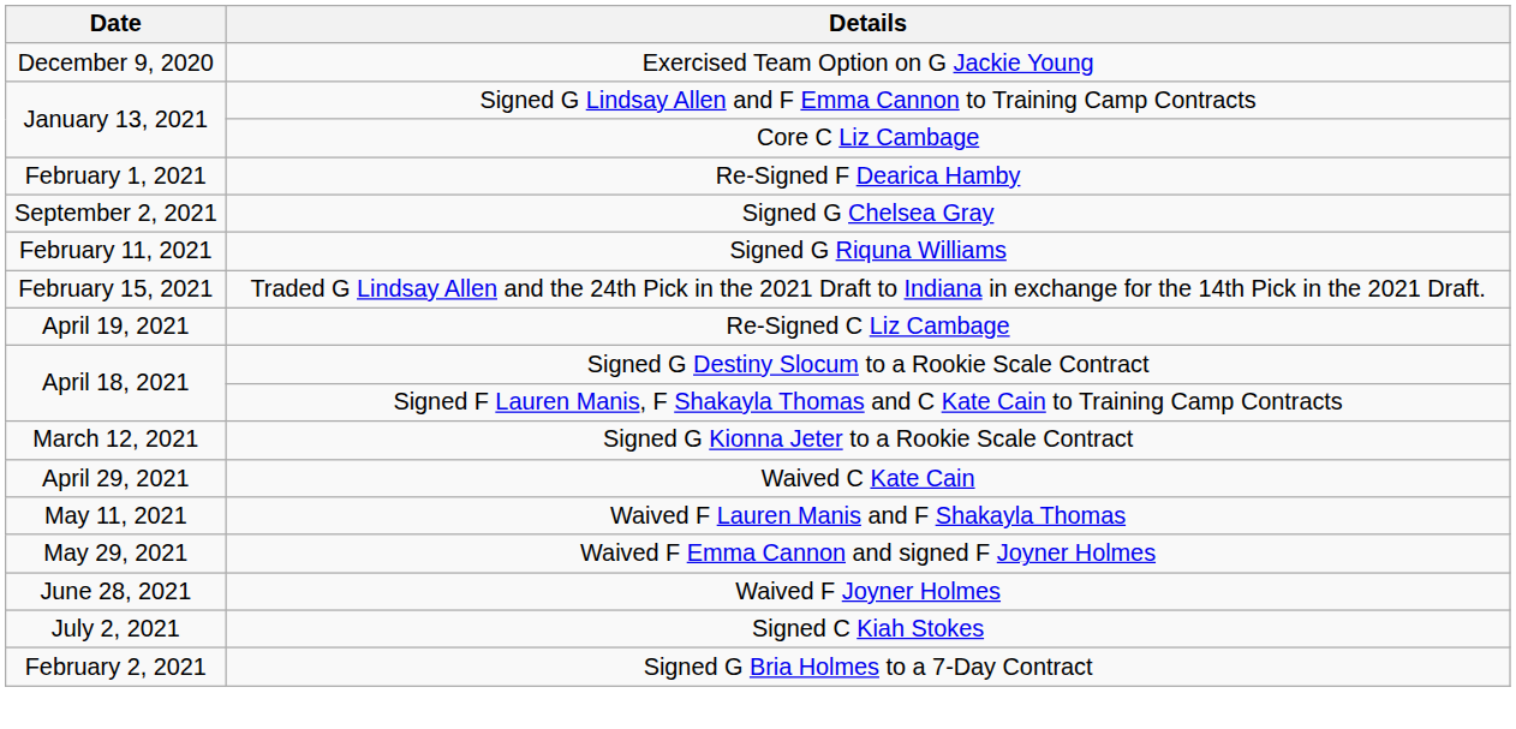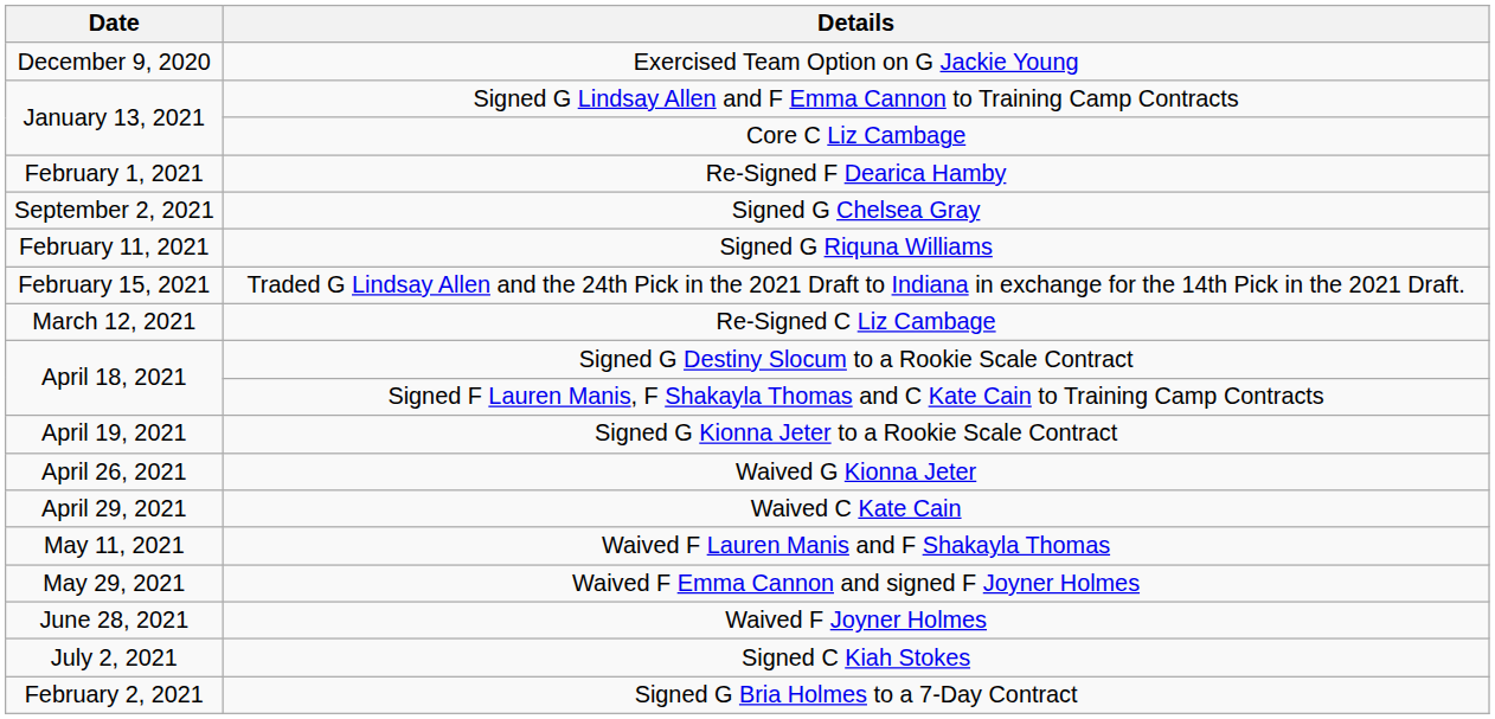 <table class="wikitable" style="width:80%; text-align: center;">
 <tr>
 <th>Date</th>
 <th>Details</th>
 </tr>
 <tr>
 <td>December 9, 2020</td>
 <td>Exercised Team Option on G <a href='#'>Jackie Young</a></td>
 </tr>
 <tr>
 <td rowspan=2>January 13, 2021</td>
 <td>Signed G <a href='#'>Lindsay Allen</a> and F <a href='#'>Emma Cannon</a> to Training Camp Contracts</td>
 </tr>
 <tr>
 <td>Core C <a href='#'>Liz Cambage</a></td>
 </tr>
 <tr>
 <td>February 1, 2021</td>
 <td>Re-Signed F <a href='#'>Dearica Hamby</a></td>
 </tr>
 <tr>
 <td>September 2, 2021</td>
 <td>Signed G <a href='#'>Chelsea Gray</a></td>
 </tr>
 <tr>
 <td>February 11, 2021</td>
 <td>Signed G <a href='#'>Riquna Williams</a></td>
 </tr>
 <tr>
 <td>February 15, 2021</td>
 <td>Traded G <a href='#'>Lindsay Allen</a> and the 24th Pick in the 2021 Draft to <a href='#'>Indiana</a> in exchange for the 14th Pick in the 2021 Draft.</td>
 </tr>
 <tr>
-<td>April 19, 2021</td>
+<td>March 12, 2021</td>
 <td>Re-Signed C <a href='#'>Liz Cambage</a></td>
 </tr>
 <tr>
 <td rowspan=2>April 18, 2021</td>
 <td>Signed G <a href='#'>Destiny Slocum</a> to a Rookie Scale Contract</td>
 </tr>
 <tr>
 <td>Signed F <a href='#'>Lauren Manis</a>, F <a href='#'>Shakayla Thomas</a> and C <a href='#'>Kate Cain</a> to Training Camp Contracts</td>
 </tr>
 <tr>
-<td>March 12, 2021</td>
+<td>April 19, 2021</td>
 <td>Signed G <a href='#'>Kionna Jeter</a> to a Rookie Scale Contract</td>
+</tr>
+<tr>
+<td>April 26, 2021</td>
+<td>Waived G <a href='#'>Kionna Jeter</a></td>
 </tr>
 <tr>
 <td>April 29, 2021</td>
 <td>Waived C <a href='#'>Kate Cain</a></td>
 </tr>
 <tr>
 <td>May 11, 2021</td>
 <td>Waived F <a href='#'>Lauren Manis</a> and F <a href='#'>Shakayla Thomas</a></td>
 </tr>
 <tr>
 <td>May 29, 2021</td>
 <td>Waived F <a href='#'>Emma Cannon</a> and signed F <a href='#'>Joyner Holmes</a></td>
 </tr>
 <tr>
 <td>June 28, 2021</td>
 <td>Waived F <a href='#'>Joyner Holmes</a></td>
 </tr>
 <tr>
 <td>July 2, 2021</td>
 <td>Signed C <a href='#'>Kiah Stokes</a></td>
 </tr>
 <tr>
 <td>February 2, 2021</td>
 <td>Signed G <a href='#'>Bria Holmes</a> to a 7-Day Contract</td>
 </tr>
 </table>
